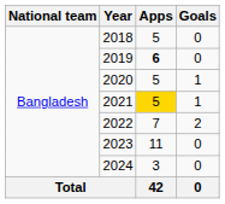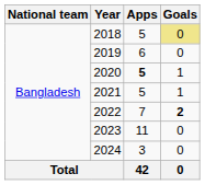 <table class="wikitable" style="text-align:center">
 <tr>
 <th>National team</th>
 <th>Year</th>
 <th>Apps</th>
 <th>Goals</th>
 </tr>
 <tr>
 <td rowspan=7><a href='#'>Bangladesh</a></td>
 <td>2018</td>
 <td>5</td>
-<td>0</td>
+<td style="background: khaki;">0</td>
 </tr>
 <tr>
 <td>2019</td>
-<td><strong>6</strong></td>
+<td>6</td>
 <td>0</td>
 </tr>
 <tr>
 <td>2020</td>
-<td>5</td>
+<td><strong>5</strong></td>
 <td>1</td>
 </tr>
 <tr>
 <td>2021</td>
-<td style="background: gold;">5</td>
+<td>5</td>
 <td>1</td>
 </tr>
 <tr>
 <td>2022</td>
 <td>7</td>
-<td>2</td>
+<td><strong>2</strong></td>
 </tr>
 <tr>
 <td>2023</td>
 <td>11</td>
 <td>0</td>
 </tr>
 <tr>
 <td>2024</td>
 <td>3</td>
 <td>0</td>
 </tr>
 <tr>
 <th colspan=2>Total</th>
 <th>42</th>
 <th>0</th>
 </tr>
 </table>
